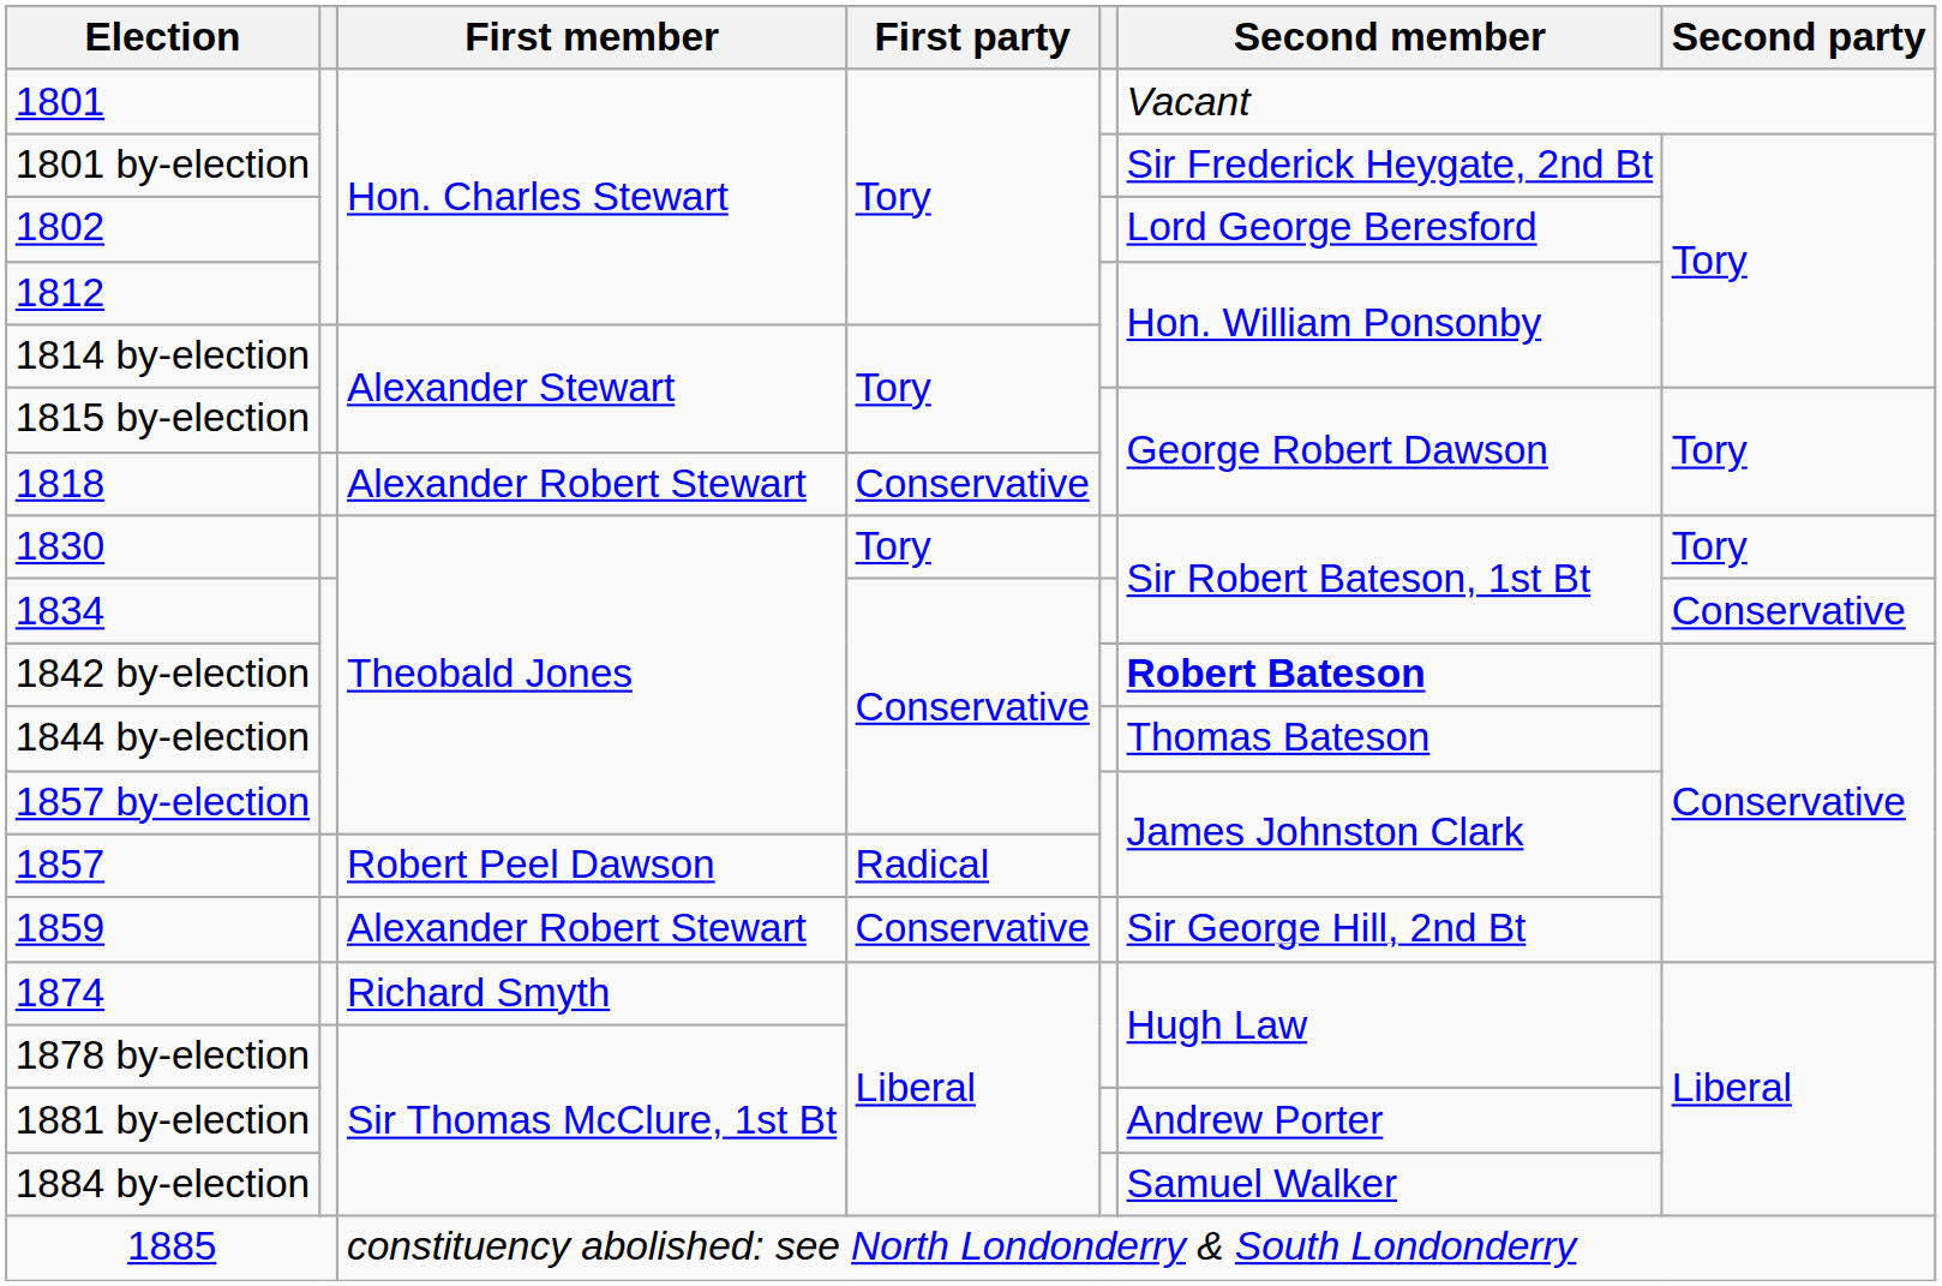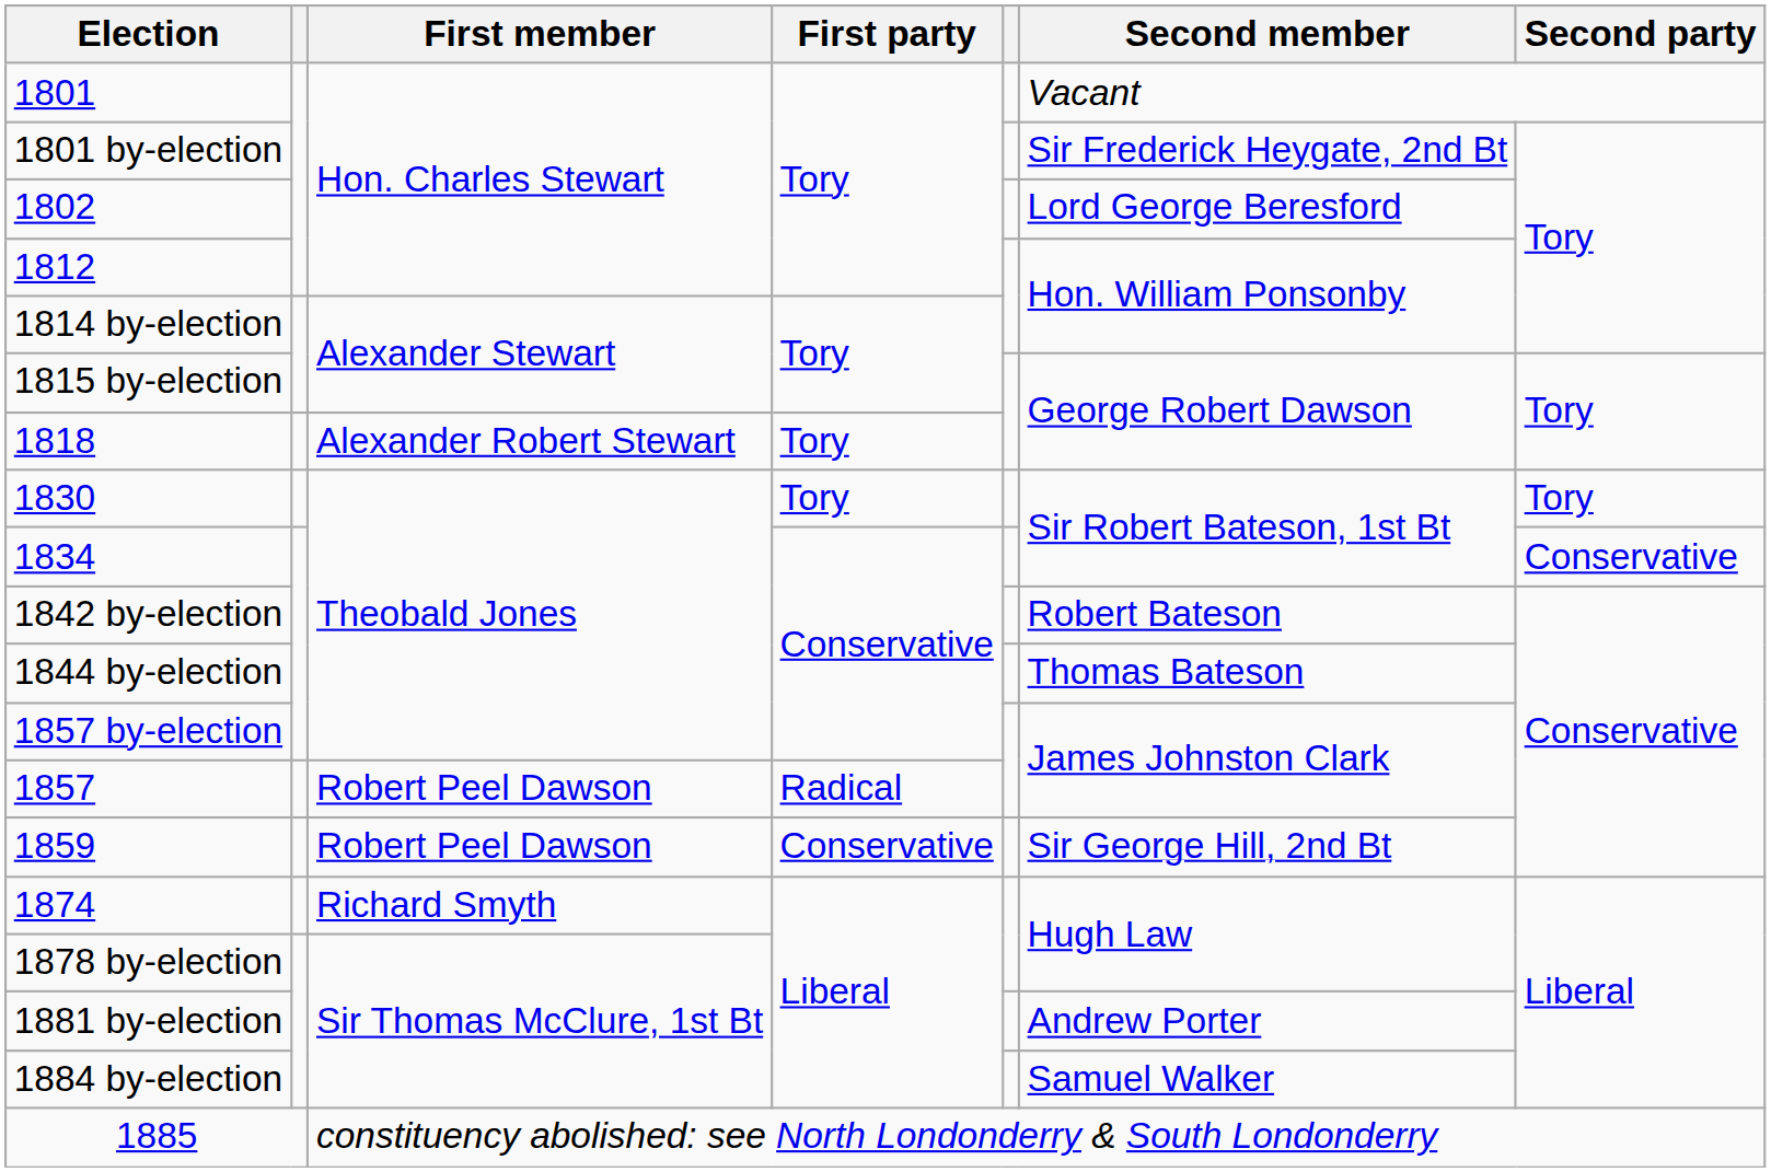 <table class="wikitable">
 <tr>
 <th>Election</th>
 <th></th>
 <th>First member</th>
 <th>First party</th>
 <th></th>
 <th>Second member</th>
 <th>Second party</th>
 </tr>
 <tr>
 <td><a href='#'>1801</a></td>
 <td rowspan="4" style="color:inherit;background-color: "></td>
 <td rowspan="4"><a href='#'>Hon. Charles Stewart</a></td>
 <td rowspan="4"><a href='#'>Tory</a></td>
 <td style="color:inherit;background-color: "></td>
 <td colspan="2"><em>Vacant</em></td>
 </tr>
 <tr>
 <td>1801 by-election</td>
 <td style="color:inherit;background-color: "></td>
 <td><a href='#'>Sir Frederick Heygate, 2nd Bt</a></td>
 <td rowspan="4"><a href='#'>Tory</a></td>
 </tr>
 <tr>
 <td><a href='#'>1802</a></td>
 <td style="color:inherit;background-color: "></td>
 <td><a href='#'>Lord George Beresford</a></td>
 </tr>
 <tr>
 <td><a href='#'>1812</a></td>
 <td rowspan="2" style="color:inherit;background-color: "></td>
 <td rowspan="2"><a href='#'>Hon. William Ponsonby</a></td>
 </tr>
 <tr>
 <td>1814 by-election</td>
 <td rowspan="2" style="color:inherit;background-color: "></td>
 <td rowspan="2"><a href='#'>Alexander Stewart</a></td>
 <td rowspan="2"><a href='#'>Tory</a></td>
 </tr>
 <tr>
 <td>1815 by-election</td>
 <td rowspan="2" style="color:inherit;background-color: "></td>
 <td rowspan="2"><a href='#'>George Robert Dawson</a></td>
 <td rowspan="2"><a href='#'>Tory</a></td>
 </tr>
 <tr>
 <td><a href='#'>1818</a></td>
 <td style="color:inherit;background-color: "></td>
 <td><a href='#'>Alexander Robert Stewart</a></td>
-<td><a href='#'>Conservative</a></td>
+<td><a href='#'>Tory</a></td>
 </tr>
 <tr>
 <td><a href='#'>1830</a></td>
 <td style="color:inherit;background-color: "></td>
 <td rowspan="5"><a href='#'>Theobald Jones</a></td>
 <td><a href='#'>Tory</a></td>
 <td style="color:inherit;background-color: "></td>
 <td rowspan="2"><a href='#'>Sir Robert Bateson, 1st Bt</a></td>
 <td><a href='#'>Tory</a></td>
 </tr>
 <tr>
 <td><a href='#'>1834</a></td>
 <td rowspan="4" style="color:inherit;background-color: "></td>
 <td rowspan="4"><a href='#'>Conservative</a></td>
 <td style="color:inherit;background-color: "></td>
 <td><a href='#'>Conservative</a></td>
 </tr>
 <tr>
 <td>1842 by-election</td>
 <td style="color:inherit;background-color: "></td>
-<td><strong><a href='#'>Robert Bateson</a></strong></td>
+<td><a href='#'>Robert Bateson</a></td>
 <td rowspan="5"><a href='#'>Conservative</a></td>
 </tr>
 <tr>
 <td>1844 by-election</td>
 <td style="color:inherit;background-color: "></td>
 <td><a href='#'>Thomas Bateson</a></td>
 </tr>
 <tr>
 <td><a href='#'>1857 by-election</a></td>
 <td rowspan="2" style="color:inherit;background-color: "></td>
 <td rowspan="2"><a href='#'>James Johnston Clark</a></td>
 </tr>
 <tr>
 <td><a href='#'>1857</a></td>
 <td style="color:inherit;background-color: "></td>
 <td><a href='#'>Robert Peel Dawson</a></td>
 <td><a href='#'>Radical</a></td>
 </tr>
 <tr>
 <td><a href='#'>1859</a></td>
 <td style="color:inherit;background-color: "></td>
-<td><a href='#'>Alexander Robert Stewart</a></td>
+<td><a href='#'>Robert Peel Dawson</a></td>
 <td><a href='#'>Conservative</a></td>
 <td style="color:inherit;background-color: "></td>
 <td><a href='#'>Sir George Hill, 2nd Bt</a></td>
 </tr>
 <tr>
 <td><a href='#'>1874</a></td>
 <td style="color:inherit;background-color: "></td>
 <td><a href='#'>Richard Smyth</a></td>
 <td rowspan="4"><a href='#'>Liberal</a></td>
 <td rowspan="2" style="color:inherit;background-color: "></td>
 <td rowspan="2"><a href='#'>Hugh Law</a></td>
 <td rowspan="4"><a href='#'>Liberal</a></td>
 </tr>
 <tr>
 <td>1878 by-election</td>
 <td rowspan="3" style="color:inherit;background-color: "></td>
 <td rowspan="3"><a href='#'>Sir Thomas McClure, 1st Bt</a></td>
 </tr>
 <tr>
 <td>1881 by-election</td>
 <td style="color:inherit;background-color: "></td>
 <td><a href='#'>Andrew Porter</a></td>
 </tr>
 <tr>
 <td>1884 by-election</td>
 <td style="color:inherit;background-color: "></td>
 <td><a href='#'>Samuel Walker</a></td>
 </tr>
 <tr>
 <td colspan="2" align="center"><a href='#'>1885</a></td>
 <td colspan="5"><em>constituency abolished: see <a href='#'>North Londonderry</a> & <a href='#'>South Londonderry</a></em></td>
 </tr>
 </table>
